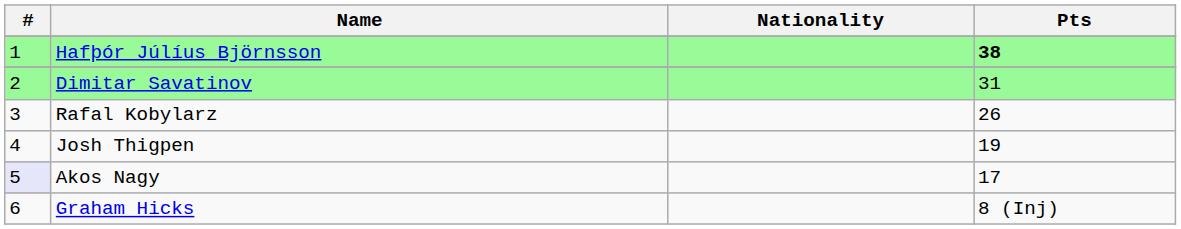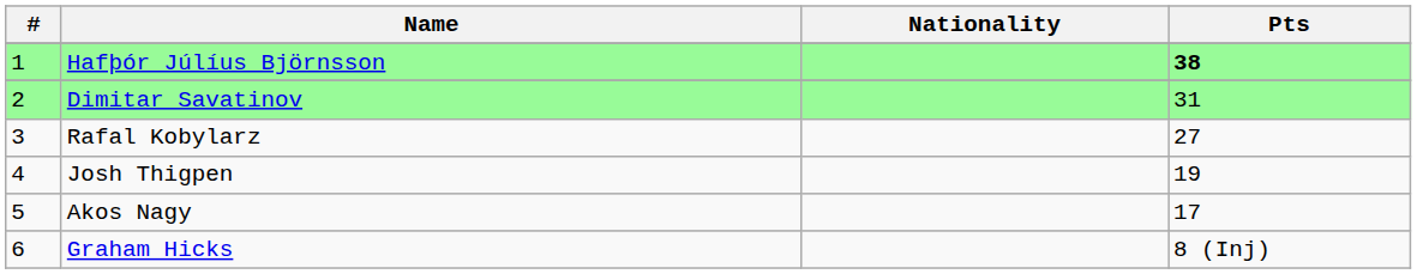 <table class="wikitable" style="display: inline-table; width: 50%;">
 <tr>
 <th>#</th>
 <th>Name</th>
 <th>Nationality</th>
 <th>Pts</th>
 </tr>
 <tr>
 </tr>
 <tr style="background:palegreen">
 <td>1</td>
 <td><a href='#'>Hafþór Júlíus Björnsson</a></td>
 <td></td>
 <td><strong>38</strong></td>
 </tr>
 <tr>
 </tr>
 <tr style="background:palegreen">
 <td>2</td>
 <td><a href='#'>Dimitar Savatinov</a></td>
 <td></td>
 <td>31</td>
 </tr>
 <tr>
 <td>3</td>
 <td>Rafal Kobylarz</td>
 <td></td>
-<td>26</td>
+<td>27</td>
 </tr>
 <tr>
 <td>4</td>
 <td>Josh Thigpen</td>
 <td></td>
 <td>19</td>
 </tr>
 <tr>
-<td style="background: lavender;">5</td>
+<td>5</td>
 <td>Akos Nagy</td>
 <td></td>
 <td>17</td>
 </tr>
 <tr>
 <td>6</td>
 <td><a href='#'>Graham Hicks</a></td>
 <td></td>
 <td>8 (Inj)</td>
 </tr>
 </table>
